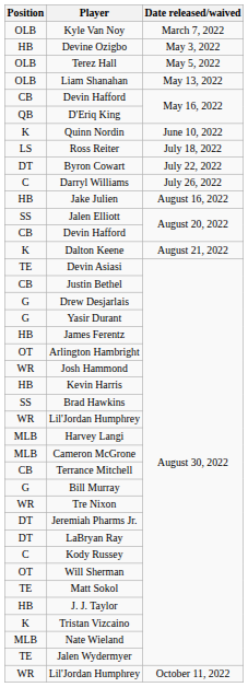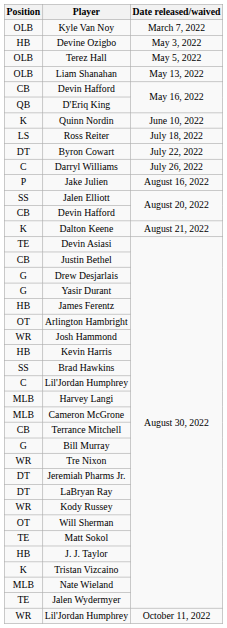 <table class="wikitable" style="text-align:center">
 <tr>
 <th>Position</th>
 <th>Player</th>
 <th>Date released/waived</th>
 </tr>
 <tr>
 <td Linebacker>OLB</td>
 <td>Kyle Van Noy</td>
 <td>March 7, 2022</td>
 </tr>
 <tr>
 <td Running back>HB</td>
 <td>Devine Ozigbo</td>
 <td>May 3, 2022</td>
 </tr>
 <tr>
 <td>OLB</td>
 <td>Terez Hall</td>
 <td>May 5, 2022</td>
 </tr>
 <tr>
 <td>OLB</td>
 <td>Liam Shanahan</td>
 <td>May 13, 2022</td>
 </tr>
 <tr>
 <td Cornerback>CB</td>
 <td>Devin Hafford</td>
 <td rowspan="2">May 16, 2022</td>
 </tr>
 <tr>
 <td Quarterback>QB</td>
 <td>D'Eriq King</td>
 </tr>
 <tr>
 <td Placekicker>K</td>
 <td>Quinn Nordin</td>
 <td>June 10, 2022</td>
 </tr>
 <tr>
 <td Long snapper>LS</td>
 <td>Ross Reiter</td>
 <td>July 18, 2022</td>
 </tr>
 <tr>
 <td Defensive tackle>DT</td>
 <td>Byron Cowart</td>
 <td>July 22, 2022</td>
 </tr>
 <tr>
 <td Center (gridiron football)>C</td>
 <td Darryl Williams (Center)>Darryl Williams</td>
 <td>July 26, 2022</td>
 </tr>
 <tr>
-<td>HB</td>
+<td Punter (football)>P</td>
 <td>Jake Julien</td>
 <td>August 16, 2022</td>
 </tr>
 <tr>
 <td Safety (gridiron football position)>SS</td>
 <td>Jalen Elliott</td>
 <td rowspan="2">August 20, 2022</td>
 </tr>
 <tr>
 <td>CB</td>
 <td>Devin Hafford</td>
 </tr>
 <tr>
 <td Placekicker>K</td>
 <td>Dalton Keene</td>
 <td>August 21, 2022</td>
 </tr>
 <tr>
 <td>TE</td>
 <td>Devin Asiasi</td>
 <td rowspan="24">August 30, 2022</td>
 </tr>
 <tr>
 <td>CB</td>
 <td>Justin Bethel</td>
 </tr>
 <tr>
 <td>G</td>
 <td>Drew Desjarlais</td>
 </tr>
 <tr>
 <td>G</td>
 <td>Yasir Durant</td>
 </tr>
 <tr>
 <td>HB</td>
 <td>James Ferentz</td>
 </tr>
 <tr>
 <td Tackle (gridiron football position)>OT</td>
 <td>Arlington Hambright</td>
 </tr>
 <tr>
 <td Wide receiver>WR</td>
 <td>Josh Hammond</td>
 </tr>
 <tr>
 <td>HB</td>
 <td Kevin Harris (American football)>Kevin Harris</td>
 </tr>
 <tr>
 <td Safety (gridiron football position)>SS</td>
 <td Brad Hawkins (American football)>Brad Hawkins</td>
 </tr>
 <tr>
-<td>WR</td>
+<td Center (gridiron football)>C</td>
 <td>Lil'Jordan Humphrey</td>
 </tr>
 <tr>
 <td>MLB</td>
 <td>Harvey Langi</td>
 </tr>
 <tr>
 <td>MLB</td>
 <td>Cameron McGrone</td>
 </tr>
 <tr>
 <td>CB</td>
 <td>Terrance Mitchell</td>
 </tr>
 <tr>
 <td>G</td>
 <td Bill Murray (offensive lineman)>Bill Murray</td>
 </tr>
 <tr>
 <td>WR</td>
 <td>Tre Nixon</td>
 </tr>
 <tr>
 <td>DT</td>
 <td>Jeremiah Pharms Jr.</td>
 </tr>
 <tr>
 <td>DT</td>
 <td>LaBryan Ray</td>
 </tr>
 <tr>
-<td>C</td>
+<td>WR</td>
 <td>Kody Russey</td>
 </tr>
 <tr>
 <td Tackle (gridiron football position)>OT</td>
 <td William Sherman (American football)>Will Sherman</td>
 </tr>
 <tr>
 <td>TE</td>
 <td>Matt Sokol</td>
 </tr>
 <tr>
 <td>HB</td>
 <td J. J. Taylor>J. J. Taylor</td>
 </tr>
 <tr>
 <td>K</td>
 <td>Tristan Vizcaino</td>
 </tr>
 <tr>
 <td>MLB</td>
 <td>Nate Wieland</td>
 </tr>
 <tr>
 <td>TE</td>
 <td>Jalen Wydermyer</td>
 </tr>
 <tr>
 <td>WR</td>
 <td>Lil'Jordan Humphrey</td>
 <td>October 11, 2022</td>
 </tr>
 </table>
